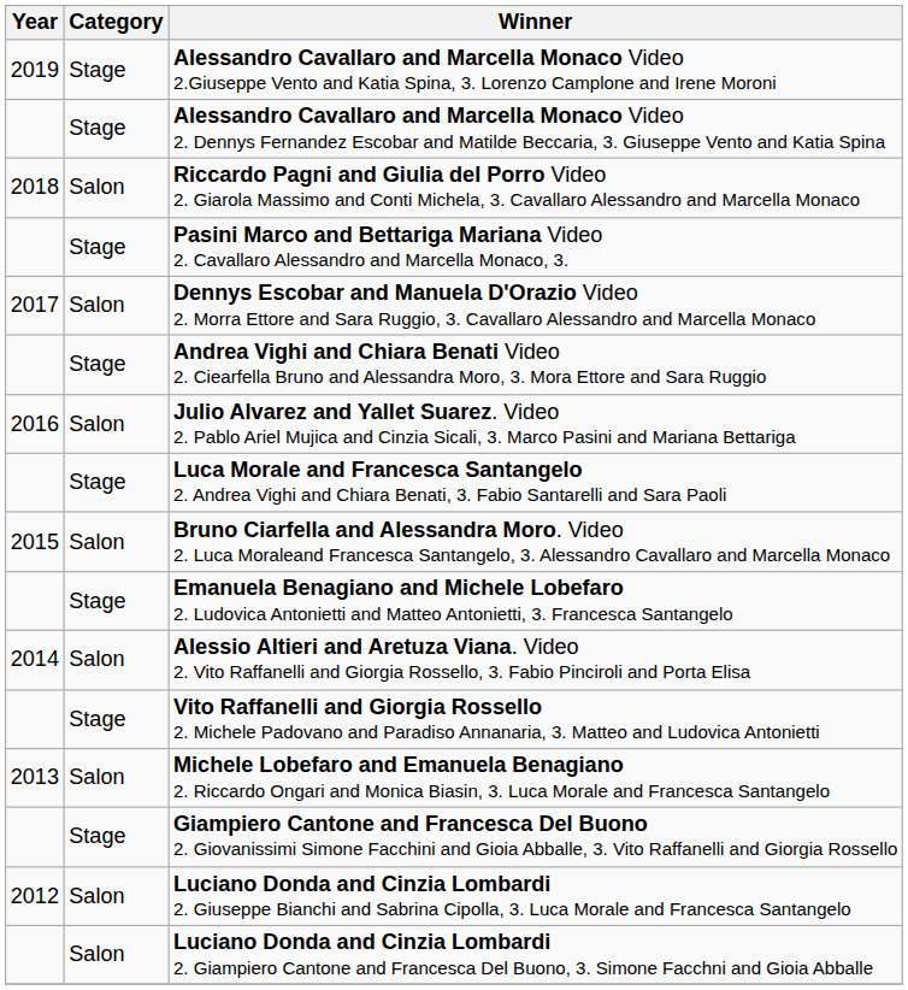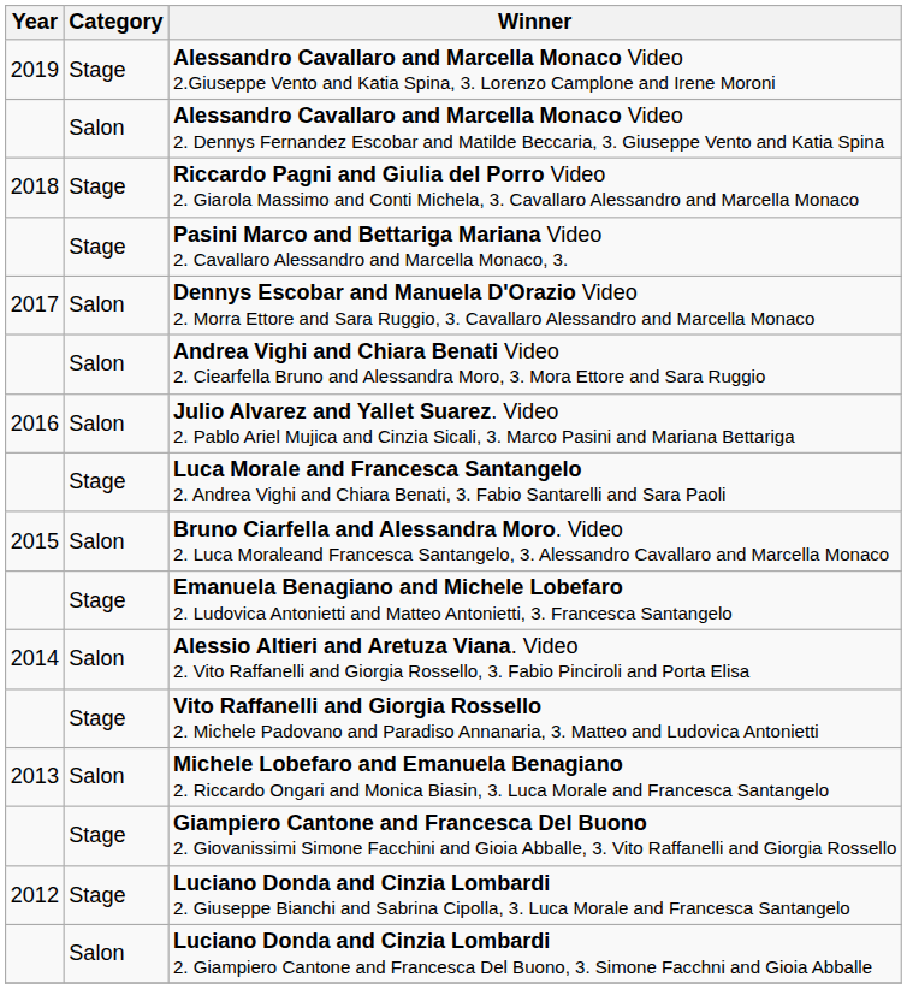 <table class="wikitable sortable">
 <tr>
 <th>Year</th>
 <th>Category</th>
 <th>Winner</th>
 </tr>
 <tr>
 <td>2019</td>
 <td>Stage</td>
 <td><strong>Alessandro Cavallaro and Marcella Monaco </strong> Video<br><small>2.Giuseppe Vento and Katia Spina, 3. Lorenzo Camplone and Irene Moroni</small></td>
 </tr>
 <tr>
 <td></td>
-<td>Stage</td>
+<td>Salon</td>
 <td><strong>Alessandro Cavallaro and Marcella Monaco </strong> Video<br><small>2. Dennys Fernandez Escobar and Matilde Beccaria, 3. Giuseppe Vento and Katia Spina </small></td>
 </tr>
 <tr>
 <td>2018</td>
-<td>Salon</td>
+<td>Stage</td>
 <td><strong>Riccardo Pagni and Giulia del Porro</strong> Video<br><small>2. Giarola Massimo and Conti Michela, 3. Cavallaro Alessandro and Marcella Monaco</small></td>
 </tr>
 <tr>
 <td></td>
 <td>Stage</td>
 <td><strong>Pasini Marco and Bettariga Mariana</strong> Video<br><small>2. Cavallaro Alessandro and Marcella Monaco, 3.</small></td>
 </tr>
 <tr>
 <td>2017</td>
 <td>Salon</td>
 <td><strong>Dennys Escobar and Manuela D'Orazio</strong> Video<br><small>2. Morra Ettore and Sara Ruggio, 3. Cavallaro Alessandro and Marcella Monaco</small></td>
 </tr>
 <tr>
 <td></td>
-<td>Stage</td>
+<td>Salon</td>
 <td><strong>Andrea Vighi and Chiara Benati</strong> Video<br><small>2. Ciearfella Bruno and Alessandra Moro, 3. Mora Ettore and Sara Ruggio</small></td>
 </tr>
 <tr>
 <td>2016</td>
 <td>Salon</td>
 <td><strong>Julio Alvarez and Yallet Suarez</strong>. Video<br><small>2. Pablo Ariel Mujica and Cinzia Sicali, 3. Marco Pasini and Mariana Bettariga</small></td>
 </tr>
 <tr>
 <td></td>
 <td>Stage</td>
 <td><strong>Luca Morale and Francesca Santangelo</strong><br><small>2. Andrea Vighi and Chiara Benati, 3. Fabio Santarelli and Sara Paoli</small></td>
 </tr>
 <tr>
 <td>2015</td>
 <td>Salon</td>
 <td><strong>Bruno Ciarfella and Alessandra Moro</strong>. Video<br><small>2. Luca Moraleand Francesca Santangelo, 3. Alessandro Cavallaro and Marcella Monaco</small></td>
 </tr>
 <tr>
 <td></td>
 <td>Stage</td>
 <td><strong>Emanuela Benagiano and Michele Lobefaro</strong><br><small>2. Ludovica Antonietti and Matteo Antonietti, 3. Francesca Santangelo</small></td>
 </tr>
 <tr>
 <td>2014</td>
 <td>Salon</td>
 <td><strong>Alessio Altieri and Aretuza Viana</strong>. Video<br><small>2. Vito Raffanelli and Giorgia Rossello, 3. Fabio Pinciroli and Porta Elisa</small></td>
 </tr>
 <tr>
 <td></td>
 <td>Stage</td>
 <td><strong>Vito Raffanelli and Giorgia Rossello</strong><br><small>2. Michele Padovano and Paradiso Annanaria, 3. Matteo and Ludovica Antonietti</small></td>
 </tr>
 <tr>
 <td>2013</td>
 <td>Salon</td>
 <td><strong>Michele Lobefaro and Emanuela Benagiano</strong><br><small>2. Riccardo Ongari and Monica Biasin, 3. Luca Morale and Francesca Santangelo</small></td>
 </tr>
 <tr>
 <td></td>
 <td>Stage</td>
 <td><strong>Giampiero Cantone and Francesca Del Buono</strong><br><small>2. Giovanissimi Simone Facchini and Gioia Abballe, 3. Vito Raffanelli and Giorgia Rossello</small></td>
 </tr>
 <tr>
 <td>2012</td>
-<td>Salon</td>
+<td>Stage</td>
 <td><strong>Luciano Donda and Cinzia Lombardi</strong><br><small>2. Giuseppe Bianchi and Sabrina Cipolla, 3. Luca Morale and Francesca Santangelo</small></td>
 </tr>
 <tr>
 <td></td>
 <td>Salon</td>
 <td><strong>Luciano Donda and Cinzia Lombardi</strong><br><small>2. Giampiero Cantone and Francesca Del Buono, 3. Simone Facchni and Gioia Abballe</small></td>
 </tr>
 <tr>
 </tr>
 </table>
